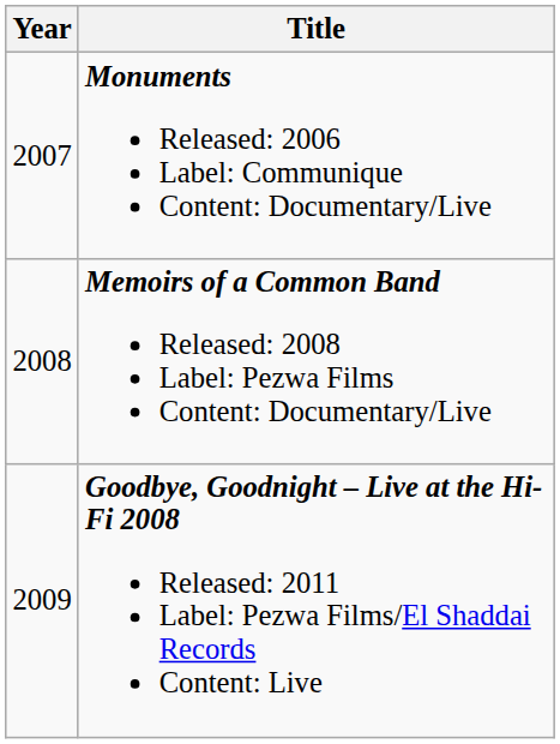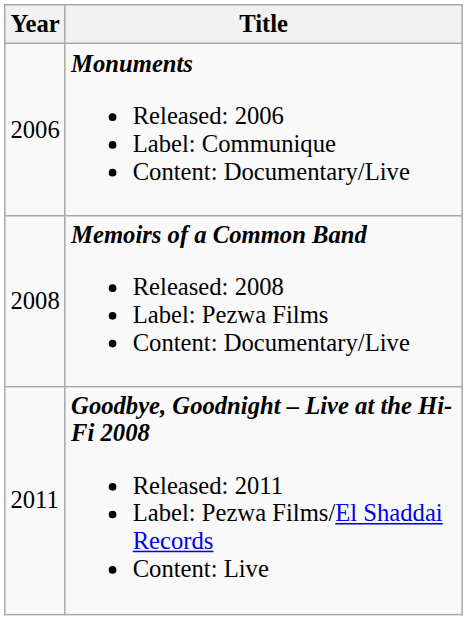 <table class="wikitable">
 <tr>
 <th>Year</th>
 <th style="width:250px;">Title</th>
 </tr>
 <tr>
-<td>2007</td>
+<td>2006</td>
 <td><strong><em>Monuments</em></strong><br><ul><li>Released: 2006</li><li>Label: Communique</li><li>Content: Documentary/Live</li></ul></td>
 </tr>
 <tr>
 <td>2008</td>
 <td><strong><em>Memoirs of a Common Band</em></strong><br><ul><li>Released: 2008</li><li>Label: Pezwa Films</li><li>Content: Documentary/Live</li></ul></td>
 </tr>
 <tr>
-<td>2009</td>
+<td>2011</td>
 <td><strong><em>Goodbye, Goodnight – Live at the Hi-Fi 2008</em></strong><br><ul><li>Released: 2011</li><li>Label: Pezwa Films/<a href='#'>El Shaddai Records</a></li><li>Content: Live</li></ul></td>
 </tr>
 </table>
